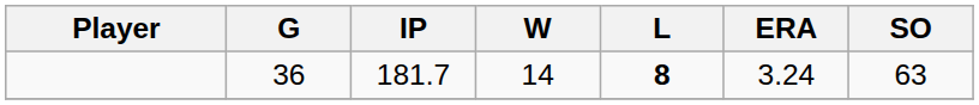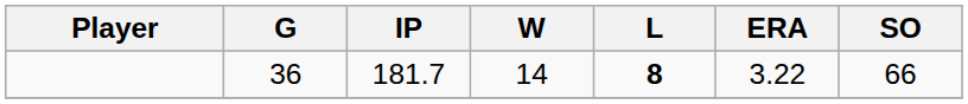 <table class="wikitable sortable">
 <tr>
 <th bgcolor="#DDDDFF" width="16%">Player</th>
 <th bgcolor="#DDDDFF" width="9%">G</th>
 <th bgcolor="#DDDDFF" width="9%">IP</th>
 <th bgcolor="#DDDDFF" width="9%">W</th>
 <th bgcolor="#DDDDFF" width="9%">L</th>
 <th bgcolor="#DDDDFF" width="9%">ERA</th>
 <th bgcolor="#DDDDFF" width="9%">SO</th>
 </tr>
 <tr align="center">
 <td></td>
 <td>36</td>
 <td>181.7</td>
 <td>14</td>
 <td><strong>8</strong></td>
-<td>3.24</td>
-<td>63</td>
+<td>3.22</td>
+<td>66</td>
 </tr>
 <tr align="center">
 </tr>
 </table>
